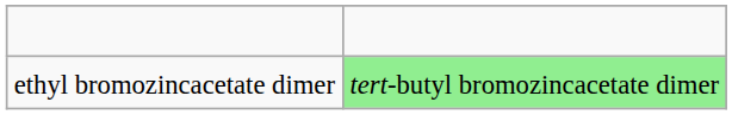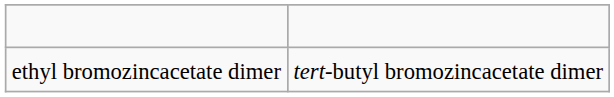 <table class="wikitable" style="margin:1em auto; text-align:center;">
 <tr>
 <td><br></td>
 <td><br></td>
 </tr>
 <tr>
 <td><small>ethyl bromozincacetate dimer</small></td>
-<td style="background: lightgreen;"><small><em>tert</em>-butyl bromozincacetate dimer</small></td>
+<td><small><em>tert</em>-butyl bromozincacetate dimer</small></td>
 </tr>
 </table>
